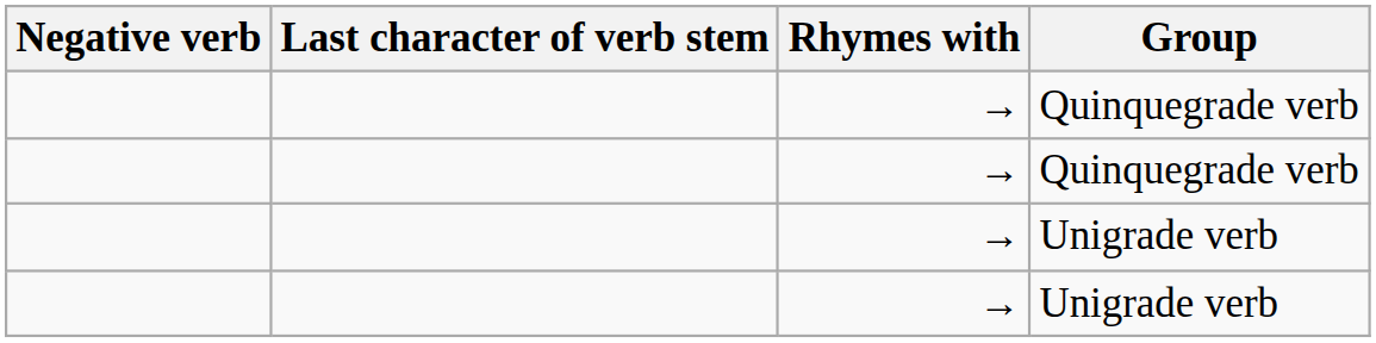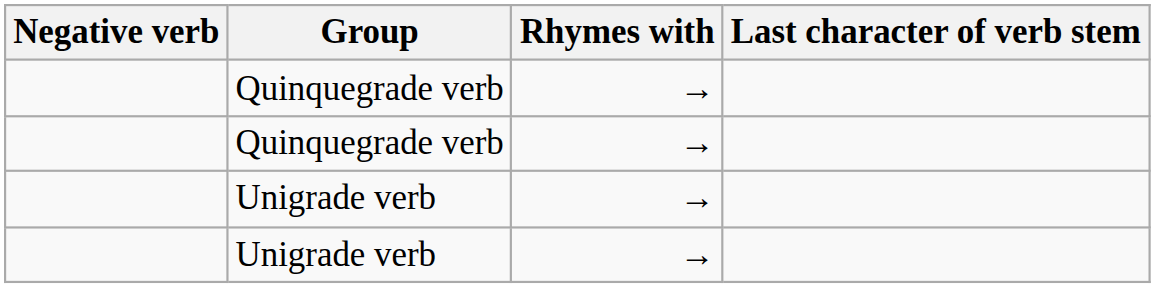 <table class="wikitable">
 <tr>
 <th>Negative verb</th>
+<th>Group</th>
+<th>Rhymes with</th>
 <th>Last character of verb stem</th>
-<th>Rhymes with</th>
-<th>Group</th>
 </tr>
 <tr>
 <td></td>
+<td>Quinquegrade verb</td>
+<td style="text-align:right;"> →</td>
 <td style="text-align:center;"></td>
-<td style="text-align:right;"> →</td>
-<td>Quinquegrade verb</td>
 </tr>
 <tr>
 <td></td>
+<td>Quinquegrade verb</td>
+<td style="text-align:right;"> →</td>
 <td style="text-align:center;"></td>
-<td style="text-align:right;"> →</td>
-<td>Quinquegrade verb</td>
 </tr>
 <tr>
 <td></td>
+<td>Unigrade verb</td>
+<td style="text-align:right;"> →</td>
 <td style="text-align:center;"></td>
-<td style="text-align:right;"> →</td>
-<td>Unigrade verb</td>
 </tr>
 <tr>
 <td></td>
+<td>Unigrade verb</td>
+<td style="text-align:right;"> →</td>
 <td style="text-align:center;"></td>
-<td style="text-align:right;"> →</td>
-<td>Unigrade verb</td>
 </tr>
 </table>
